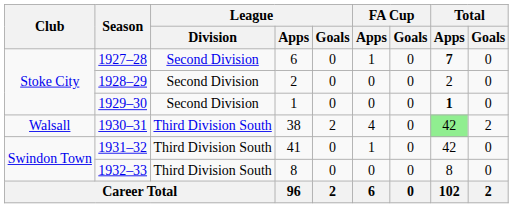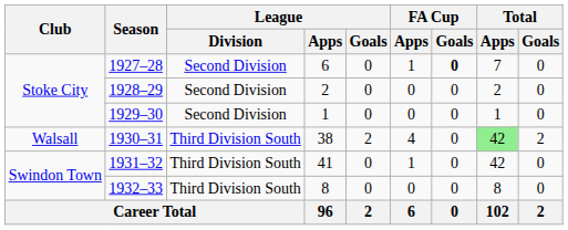 <table class="wikitable" style="text-align: center;">
 <tr>
 <th rowspan="2">Club</th>
 <th rowspan="2">Season</th>
 <th colspan="3">League</th>
 <th colspan="2">FA Cup</th>
 <th colspan="2">Total</th>
 </tr>
 <tr>
 <th>Division</th>
 <th>Apps</th>
 <th>Goals</th>
 <th>Apps</th>
 <th>Goals</th>
 <th>Apps</th>
 <th>Goals</th>
 </tr>
 <tr>
 <td rowspan="3"><a href='#'>Stoke City</a></td>
 <td><a href='#'>1927–28</a></td>
 <td><a href='#'>Second Division</a></td>
 <td>6</td>
 <td>0</td>
 <td>1</td>
-<td>0</td>
-<td><strong>7</strong></td>
+<td><strong>0</strong></td>
+<td>7</td>
 <td>0</td>
 </tr>
 <tr>
 <td><a href='#'>1928–29</a></td>
 <td>Second Division</td>
 <td>2</td>
 <td>0</td>
 <td>0</td>
 <td>0</td>
 <td>2</td>
 <td>0</td>
 </tr>
 <tr>
 <td><a href='#'>1929–30</a></td>
 <td>Second Division</td>
 <td>1</td>
 <td>0</td>
 <td>0</td>
 <td>0</td>
-<td><strong>1</strong></td>
+<td>1</td>
 <td>0</td>
 </tr>
 <tr>
 <td><a href='#'>Walsall</a></td>
 <td><a href='#'>1930–31</a></td>
 <td><a href='#'>Third Division South</a></td>
 <td>38</td>
 <td>2</td>
 <td>4</td>
 <td>0</td>
 <td style="background: lightgreen;">42</td>
 <td>2</td>
 </tr>
 <tr>
 <td rowspan="2"><a href='#'>Swindon Town</a></td>
 <td><a href='#'>1931–32</a></td>
 <td>Third Division South</td>
 <td>41</td>
 <td>0</td>
 <td>1</td>
 <td>0</td>
 <td>42</td>
 <td>0</td>
 </tr>
 <tr>
 <td><a href='#'>1932–33</a></td>
 <td>Third Division South</td>
 <td>8</td>
 <td>0</td>
 <td>0</td>
 <td>0</td>
 <td>8</td>
 <td>0</td>
 </tr>
 <tr>
 <th colspan="3">Career Total</th>
 <th>96</th>
 <th>2</th>
 <th>6</th>
 <th>0</th>
 <th>102</th>
 <th>2</th>
 </tr>
 </table>
